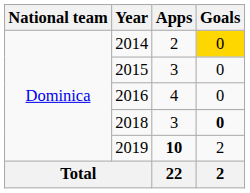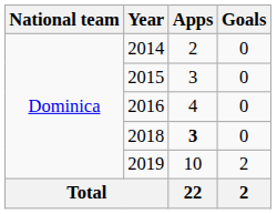 <table class="wikitable" style="text-align:center">
 <tr>
 <th>National team</th>
 <th>Year</th>
 <th>Apps</th>
 <th>Goals</th>
 </tr>
 <tr>
 <td rowspan="5"><a href='#'>Dominica</a></td>
 <td>2014</td>
 <td>2</td>
-<td style="background: gold;">0</td>
+<td>0</td>
 </tr>
 <tr>
 <td>2015</td>
 <td>3</td>
 <td>0</td>
 </tr>
 <tr>
 <td>2016</td>
 <td>4</td>
 <td>0</td>
 </tr>
 <tr>
 <td>2018</td>
-<td>3</td>
-<td><strong>0</strong></td>
+<td><strong>3</strong></td>
+<td>0</td>
 </tr>
 <tr>
 <td>2019</td>
-<td><strong>10</strong></td>
+<td>10</td>
 <td>2</td>
 </tr>
 <tr>
 <th colspan=2>Total</th>
 <th>22</th>
 <th>2</th>
 </tr>
 </table>
